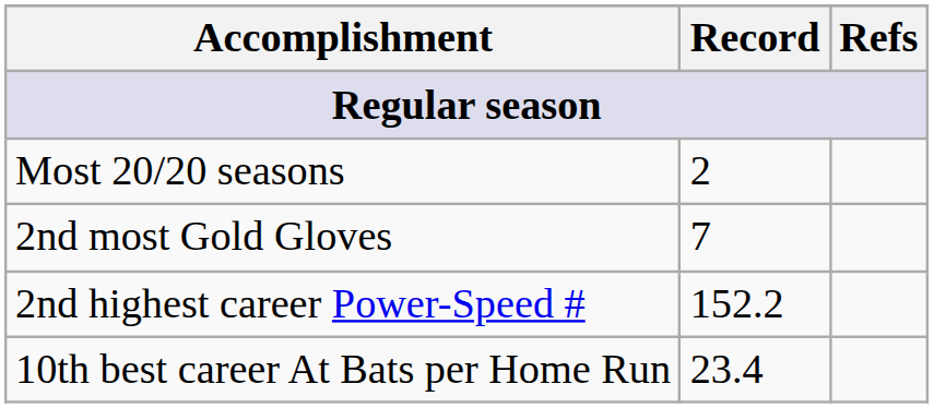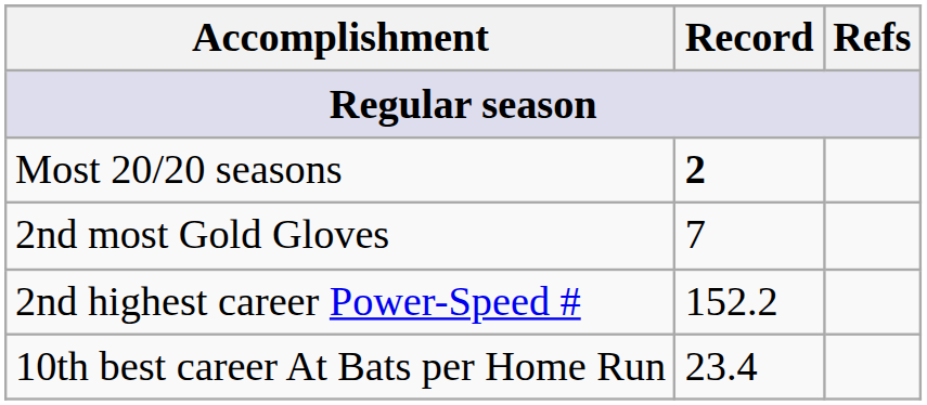 <table class="wikitable">
 <tr>
 </tr>
 <tr>
 <th>Accomplishment</th>
 <th>Record</th>
 <th>Refs</th>
 </tr>
 <tr>
 <th style="background:#dde;" colspan="3">Regular season</th>
 </tr>
 <tr>
 <td>Most 20/20 seasons</td>
-<td>2 </td>
+<td><strong>2 </strong></td>
 <td></td>
 </tr>
 <tr>
 <td>2nd most Gold Gloves</td>
 <td>7 </td>
 <td></td>
 </tr>
 <tr>
 <td>2nd highest career <a href='#'>Power-Speed #</a></td>
 <td>152.2</td>
 <td></td>
 </tr>
 <tr>
 <td>10th best career At Bats per Home Run </td>
 <td>23.4</td>
 <td></td>
 </tr>
 </table>
